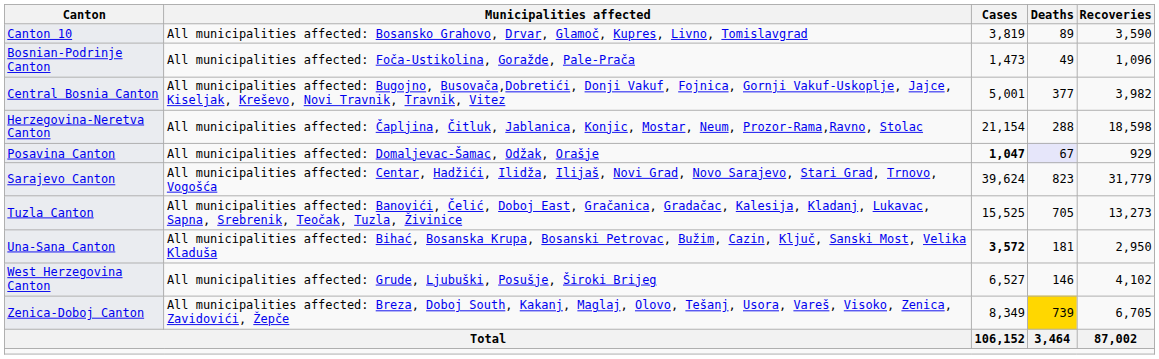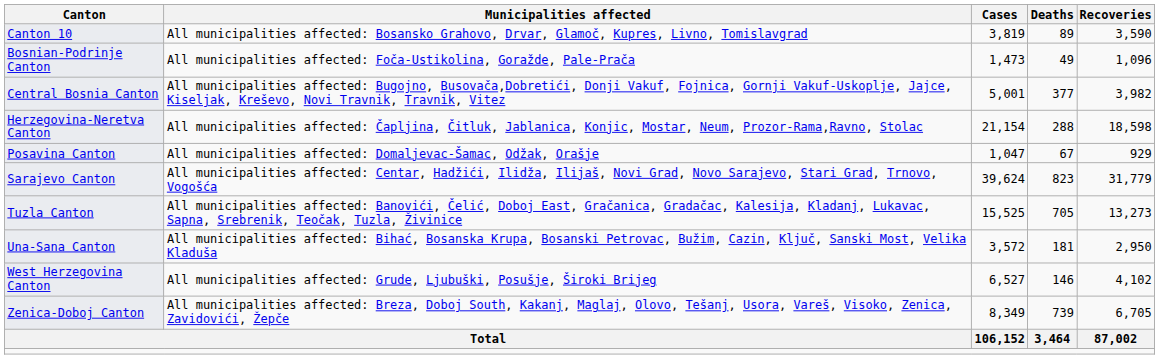 <table class="sortable wikitable" style="text-align:center;">
 <tr>
 <th scope="col">Canton</th>
 <th scope="col">Municipalities affected</th>
 <th scope="col">Cases</th>
 <th scope="col">Deaths</th>
 <th scope="col">Recoveries</th>
 </tr>
 <tr>
 <td align="left" style="background:#EAECF0"><a href='#'>Canton 10</a></td>
 <td align="left">All municipalities affected: <a href='#'>Bosansko Grahovo</a>, <a href='#'>Drvar</a>, <a href='#'>Glamoč</a>, <a href='#'>Kupres</a>, <a href='#'>Livno</a>, <a href='#'>Tomislavgrad</a></td>
 <td align="right">3,819</td>
 <td align="right">89</td>
 <td align="right">3,590</td>
 </tr>
 <tr>
 <td align="left" style="background:#EAECF0"><a href='#'>Bosnian-Podrinje Canton</a></td>
 <td align="left">All municipalities affected: <a href='#'>Foča-Ustikolina</a>, <a href='#'>Goražde</a>, <a href='#'>Pale-Prača</a></td>
 <td align="right">1,473</td>
 <td align="right">49</td>
 <td align="right">1,096</td>
 </tr>
 <tr>
 <td align="left" style="background:#EAECF0"><a href='#'>Central Bosnia Canton</a></td>
 <td align="left">All municipalities affected: <a href='#'>Bugojno</a>, <a href='#'>Busovača</a>,<a href='#'>Dobretići</a>, <a href='#'>Donji Vakuf</a>, <a href='#'>Fojnica</a>, <a href='#'>Gornji Vakuf-Uskoplje</a>, <a href='#'>Jajce</a>, <a href='#'>Kiseljak</a>, <a href='#'>Kreševo</a>, <a href='#'>Novi Travnik</a>, <a href='#'>Travnik</a>, <a href='#'>Vitez</a></td>
 <td align="right">5,001</td>
 <td align="right">377</td>
 <td align="right">3,982</td>
 </tr>
 <tr>
 <td align="left" style="background:#EAECF0"><a href='#'>Herzegovina-Neretva Canton</a></td>
 <td align="left">All municipalities affected: <a href='#'>Čapljina</a>, <a href='#'>Čitluk</a>, <a href='#'>Jablanica</a>, <a href='#'>Konjic</a>, <a href='#'>Mostar</a>, <a href='#'>Neum</a>, <a href='#'>Prozor-Rama</a>,<a href='#'>Ravno</a>, <a href='#'>Stolac</a></td>
 <td align="right">21,154</td>
 <td align="right">288</td>
 <td align="right">18,598</td>
 </tr>
 <tr>
 <td align="left" style="background:#EAECF0"><a href='#'>Posavina Canton</a></td>
 <td align="left">All municipalities affected: <a href='#'>Domaljevac-Šamac</a>, <a href='#'>Odžak</a>, <a href='#'>Orašje</a></td>
-<td align="right"><strong>1,047</strong></td>
-<td align="right" style="background: lavender;">67</td>
+<td align="right">1,047</td>
+<td align="right">67</td>
 <td align="right">929</td>
 </tr>
 <tr>
 <td align="left" style="background:#EAECF0"><a href='#'>Sarajevo Canton</a></td>
 <td align="left">All municipalities affected: <a href='#'>Centar</a>, <a href='#'>Hadžići</a>, <a href='#'>Ilidža</a>, <a href='#'>Ilijaš</a>, <a href='#'>Novi Grad</a>, <a href='#'>Novo Sarajevo</a>, <a href='#'>Stari Grad</a>, <a href='#'>Trnovo</a>, <a href='#'>Vogošća</a></td>
 <td align="right">39,624</td>
 <td align="right">823</td>
 <td align="right">31,779</td>
 </tr>
 <tr>
 <td align="left" style="background:#EAECF0"><a href='#'>Tuzla Canton</a></td>
 <td align="left">All municipalities affected: <a href='#'>Banovići</a>, <a href='#'>Čelić</a>, <a href='#'>Doboj East</a>, <a href='#'>Gračanica</a>, <a href='#'>Gradačac</a>, <a href='#'>Kalesija</a>, <a href='#'>Kladanj</a>, <a href='#'>Lukavac</a>, <a href='#'>Sapna</a>, <a href='#'>Srebrenik</a>, <a href='#'>Teočak</a>, <a href='#'>Tuzla</a>, <a href='#'>Živinice</a></td>
 <td align="right">15,525</td>
 <td align="right">705</td>
 <td align="right">13,273</td>
 </tr>
 <tr>
 <td align="left" style="background:#EAECF0"><a href='#'>Una-Sana Canton</a></td>
 <td align="left">All municipalities affected: <a href='#'>Bihać</a>, <a href='#'>Bosanska Krupa</a>, <a href='#'>Bosanski Petrovac</a>, <a href='#'>Bužim</a>, <a href='#'>Cazin</a>, <a href='#'>Ključ</a>, <a href='#'>Sanski Most</a>, <a href='#'>Velika Kladuša</a></td>
-<td align="right"><strong>3,572</strong></td>
+<td align="right">3,572</td>
 <td align="right">181</td>
 <td align="right">2,950</td>
 </tr>
 <tr>
 <td align="left" style="background:#EAECF0"><a href='#'>West Herzegovina Canton</a></td>
 <td align="left">All municipalities affected: <a href='#'>Grude</a>, <a href='#'>Ljubuški</a>, <a href='#'>Posušje</a>, <a href='#'>Široki Brijeg</a></td>
 <td align="right">6,527</td>
 <td align="right">146</td>
 <td align="right">4,102</td>
 </tr>
 <tr>
 <td align="left" style="background:#EAECF0"><a href='#'>Zenica-Doboj Canton</a></td>
 <td align="left">All municipalities affected: <a href='#'>Breza</a>, <a href='#'>Doboj South</a>, <a href='#'>Kakanj</a>, <a href='#'>Maglaj</a>, <a href='#'>Olovo</a>, <a href='#'>Tešanj</a>, <a href='#'>Usora</a>, <a href='#'>Vareš</a>, <a href='#'>Visoko</a>, <a href='#'>Zenica</a>, <a href='#'>Zavidovići</a>, <a href='#'>Žepče</a></td>
 <td align="right">8,349</td>
-<td align="right" style="background: gold;">739</td>
+<td align="right">739</td>
 <td align="right">6,705</td>
 </tr>
 <tr>
 <th colspan="2">Total</th>
 <th align="right">106,152</th>
 <th align="right">3,464</th>
 <th align="right">87,002</th>
 </tr>
 <tr>
 <td colspan="5"></td>
 </tr>
 </table>
